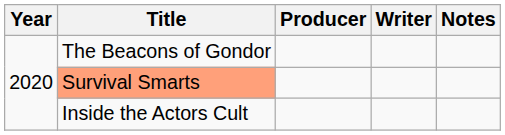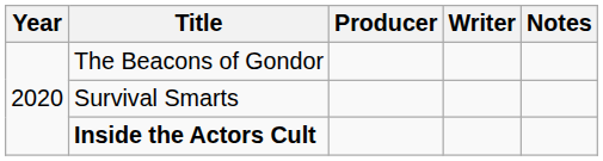 <table class="wikitable">
 <tr>
 <th>Year</th>
 <th>Title</th>
 <th>Producer</th>
 <th>Writer</th>
 <th>Notes</th>
 </tr>
 <tr>
 <td rowspan="3">2020</td>
 <td>The Beacons of Gondor</td>
 <td></td>
 <td></td>
 <td></td>
 </tr>
 <tr>
-<td style="background: lightsalmon;">Survival Smarts</td>
+<td>Survival Smarts</td>
 <td></td>
 <td></td>
 <td></td>
 </tr>
 <tr>
-<td>Inside the Actors Cult</td>
+<td><strong>Inside the Actors Cult</strong></td>
 <td></td>
 <td></td>
 <td></td>
 </tr>
 </table>
